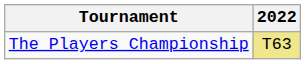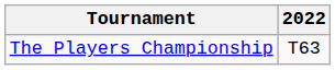 <table class="wikitable" style="font-size:95%;text-align:center;">
 <tr>
 <th>Tournament</th>
 <th>2022</th>
 </tr>
 <tr>
 <td align=left><a href='#'>The Players Championship</a></td>
-<td style="background: khaki;">T63</td>
+<td>T63</td>
 </tr>
 </table>
